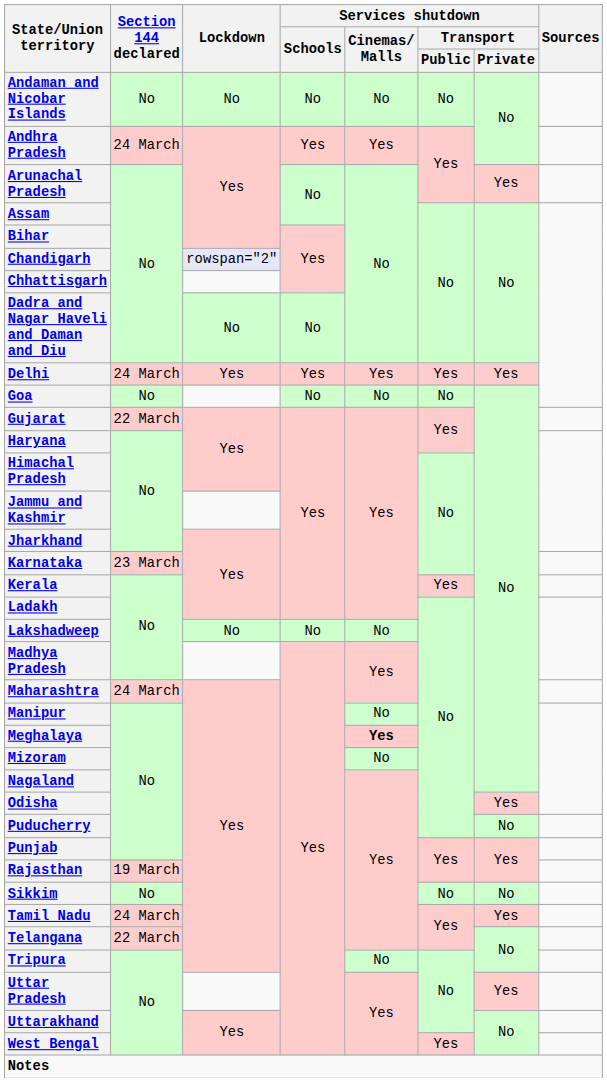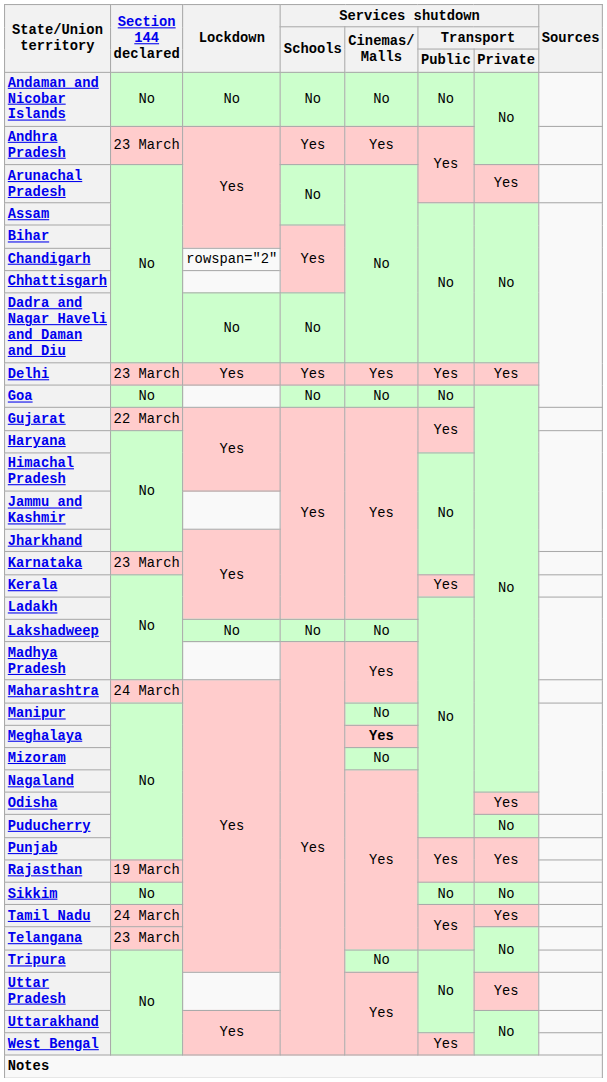 <table class="wikitable sortable mw-collapsible mw-collapsed" style="text-align:center" width="82%">
 <tr>
 <th rowspan="3">State/Union territory</th>
 <th rowspan="3"><a href='#'>Section 144</a><br>declared</th>
 <th rowspan="3">Lockdown</th>
 <th colspan="4">Services shutdown</th>
 <th rowspan="3">Sources</th>
 </tr>
 <tr>
 <th rowspan="2">Schools</th>
 <th rowspan="2">Cinemas/<br>Malls</th>
 <th colspan="2">Transport</th>
 </tr>
 <tr>
 <th>Public</th>
 <th>Private</th>
 </tr>
 <tr>
 <th style="text-align:left;"><a href='#'>Andaman and Nicobar Islands</a></th>
 <td style="background: #ccffcc;">No</td>
 <td style="background: #ccffcc;">No</td>
 <td style="background: #ccffcc;">No</td>
 <td style="background: #ccffcc;">No</td>
 <td style="background: #ccffcc;">No</td>
 <td rowspan="2" style="background: #ccffcc;">No</td>
 <td></td>
 </tr>
 <tr>
 <th style="text-align:left;"><a href='#'>Andhra Pradesh</a></th>
-<td style="background: #ffcccc;">24 March</td>
+<td style="background: #ffcccc;">23 March</td>
 <td rowspan="4" style="background: #ffcccc;">Yes</td>
 <td style="background: #ffcccc;">Yes</td>
 <td style="background: #ffcccc;">Yes</td>
 <td rowspan="2" style="background: #ffcccc;">Yes</td>
 <td></td>
 </tr>
 <tr>
 <th style="text-align:left;"><a href='#'>Arunachal Pradesh</a></th>
 <td rowspan="6" style="background: #ccffcc;">No</td>
 <td rowspan="2" style="background: #ccffcc;">No</td>
 <td rowspan="6" style="background: #ccffcc;">No</td>
 <td style="background: #ffcccc;">Yes</td>
 <td></td>
 </tr>
 <tr>
 <th style="text-align:left;"><a href='#'>Assam</a></th>
 <td rowspan="5" style="background: #ccffcc;">No</td>
 <td rowspan="5" style="background: #ccffcc;">No</td>
 <td rowspan="7"></td>
 </tr>
 <tr>
 <th style="text-align:left;"><a href='#'>Bihar</a></th>
 <td rowspan="3" style="background: #ffcccc;">Yes</td>
 </tr>
 <tr>
 <th style="text-align:left;"><a href='#'>Chandigarh</a></th>
-<td style="background: lavender;">rowspan="2" </td>
+<td>rowspan="2" </td>
 </tr>
 <tr>
 <th style="text-align:left;"><a href='#'>Chhattisgarh</a></th>
 </tr>
 <tr>
 <th style="text-align:left;"><a href='#'>Dadra and Nagar Haveli and Daman and Diu</a></th>
 <td style="background: #ccffcc;">No</td>
 <td style="background: #ccffcc;">No</td>
 </tr>
 <tr>
 <th style="text-align:left;"><a href='#'>Delhi</a></th>
-<td style="background: #ffcccc;">24 March</td>
+<td style="background: #ffcccc;">23 March</td>
 <td style="background: #ffcccc;">Yes</td>
 <td style="background: #ffcccc;">Yes</td>
 <td style="background: #ffcccc;">Yes</td>
 <td style="background: #ffcccc;">Yes</td>
 <td style="background: #ffcccc;">Yes</td>
 </tr>
 <tr>
 <th style="text-align:left;"><a href='#'>Goa</a></th>
 <td style="background: #ccffcc;">No</td>
 <td></td>
 <td style="background: #ccffcc;">No</td>
 <td style="background: #ccffcc;">No</td>
 <td style="background: #ccffcc;">No</td>
 <td rowspan="16" style="background: #ccffcc;">No</td>
 </tr>
 <tr>
 <th style="text-align:left;"><a href='#'>Gujarat</a></th>
 <td style="background: #ffcccc;">22 March</td>
 <td rowspan="3" style="background: #ffcccc;">Yes</td>
 <td rowspan="8" style="background: #ffcccc;">Yes</td>
 <td rowspan="8" style="background: #ffcccc;">Yes</td>
 <td rowspan="2" style="background: #ffcccc;">Yes</td>
 <td></td>
 </tr>
 <tr>
 <th style="text-align:left;"><a href='#'>Haryana</a></th>
 <td rowspan="4" style="background: #ccffcc;">No</td>
 <td rowspan="4"></td>
 </tr>
 <tr>
 <th style="text-align:left;"><a href='#'>Himachal Pradesh</a></th>
 <td rowspan="4" style="background: #ccffcc;">No</td>
 </tr>
 <tr>
 <th style="text-align:left;"><a href='#'>Jammu and Kashmir</a></th>
 <td></td>
 </tr>
 <tr>
 <th style="text-align:left;"><a href='#'>Jharkhand</a></th>
 <td rowspan="4" style="background: #ffcccc;">Yes</td>
 </tr>
 <tr>
 <th style="text-align:left;"><a href='#'>Karnataka</a></th>
 <td style="background: #ffcccc;">23 March</td>
 <td></td>
 </tr>
 <tr>
 <th style="text-align:left;"><a href='#'>Kerala</a></th>
 <td rowspan="4" style="background: #ccffcc;">No</td>
 <td style="background: #ffcccc;">Yes</td>
 <td></td>
 </tr>
 <tr>
 <th style="text-align:left;"><a href='#'>Ladakh</a></th>
 <td rowspan="10" style="background: #ccffcc;">No</td>
 <td rowspan="3"></td>
 </tr>
 <tr>
 <th style="text-align:left;"><a href='#'>Lakshadweep</a></th>
 <td style="background: #ccffcc;">No</td>
 <td style="background: #ccffcc;">No</td>
 <td style="background: #ccffcc;">No</td>
 </tr>
 <tr>
 <th style="text-align:left;"><a href='#'>Madhya Pradesh</a></th>
 <td></td>
 <td rowspan="17" style="background: #ffcccc;">Yes</td>
 <td rowspan="2" style="background: #ffcccc;">Yes</td>
 </tr>
 <tr>
 <th style="text-align:left;"><a href='#'>Maharashtra</a></th>
 <td style="background: #ffcccc;">24 March</td>
 <td rowspan="13" style="background: #ffcccc;">Yes</td>
 <td></td>
 </tr>
 <tr>
 <th style="text-align:left;"><a href='#'>Manipur</a></th>
 <td rowspan="7" style="background: #ccffcc;">No</td>
 <td style="background: #ccffcc;">No</td>
 <td rowspan="5"></td>
 </tr>
 <tr>
 <th style="text-align:left;"><a href='#'>Meghalaya</a></th>
 <td style="background: #ffcccc;"><strong>Yes</strong></td>
 </tr>
 <tr>
 <th style="text-align:left;"><a href='#'>Mizoram</a></th>
 <td style="background: #ccffcc;">No</td>
 </tr>
 <tr>
 <th style="text-align:left;"><a href='#'>Nagaland</a></th>
 <td rowspan="8" style="background: #ffcccc;">Yes</td>
 </tr>
 <tr>
 <th style="text-align:left;"><a href='#'>Odisha</a></th>
 <td style="background: #ffcccc;">Yes</td>
 </tr>
 <tr>
 <th style="text-align:left;"><a href='#'>Puducherry</a></th>
 <td style="background: #ccffcc;">No</td>
 <td></td>
 </tr>
 <tr>
 <th style="text-align:left;"><a href='#'>Punjab</a></th>
 <td rowspan="2" style="background: #ffcccc;">Yes</td>
 <td rowspan="2" style="background: #ffcccc;">Yes</td>
 <td></td>
 </tr>
 <tr>
 <th style="text-align:left;"><a href='#'>Rajasthan</a></th>
 <td style="background: #ffcccc;">19 March</td>
 <td></td>
 </tr>
 <tr>
 <th style="text-align:left;"><a href='#'>Sikkim</a></th>
 <td style="background: #ccffcc;">No</td>
 <td style="background: #ccffcc;">No</td>
 <td style="background: #ccffcc;">No</td>
 <td></td>
 </tr>
 <tr>
 <th style="text-align:left;"><a href='#'>Tamil Nadu</a></th>
 <td style="background: #ffcccc;">24 March</td>
 <td rowspan="2" style="background: #ffcccc;">Yes</td>
 <td style="background: #ffcccc;">Yes</td>
 <td></td>
 </tr>
 <tr>
 <th style="text-align:left;"><a href='#'>Telangana</a></th>
-<td style="background: #ffcccc;">22 March</td>
+<td style="background: #ffcccc;">23 March</td>
 <td rowspan="2" style="background: #ccffcc;">No</td>
 <td></td>
 </tr>
 <tr>
 <th style="text-align:left;"><a href='#'>Tripura</a></th>
 <td rowspan="4" style="background: #ccffcc;">No</td>
 <td style="background: #ccffcc;">No</td>
 <td rowspan="3" style="background: #ccffcc;">No</td>
 <td></td>
 </tr>
 <tr>
 <th style="text-align:left;"><a href='#'>Uttar Pradesh</a></th>
 <td></td>
 <td rowspan="3" style="background: #ffcccc;">Yes</td>
 <td style="background: #ffcccc;">Yes</td>
 <td></td>
 </tr>
 <tr>
 <th style="text-align:left;"><a href='#'>Uttarakhand</a></th>
 <td rowspan="2" style="background: #ffcccc;">Yes</td>
 <td rowspan="2" style="background: #ccffcc;">No</td>
 <td></td>
 </tr>
 <tr>
 <th style="text-align:left;"><a href='#'>West Bengal</a></th>
 <td style="background: #ffcccc;">Yes</td>
 <td></td>
 </tr>
 <tr>
 <td colspan="8" style="text-align:left;"><strong>Notes</strong></td>
 </tr>
 </table>
